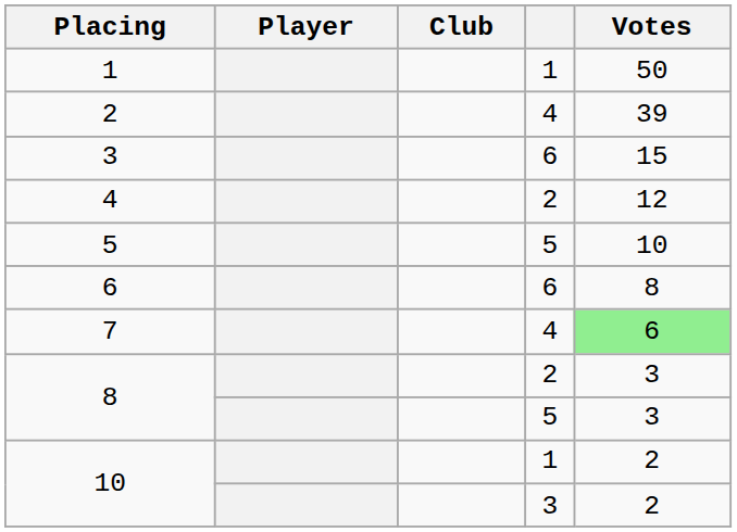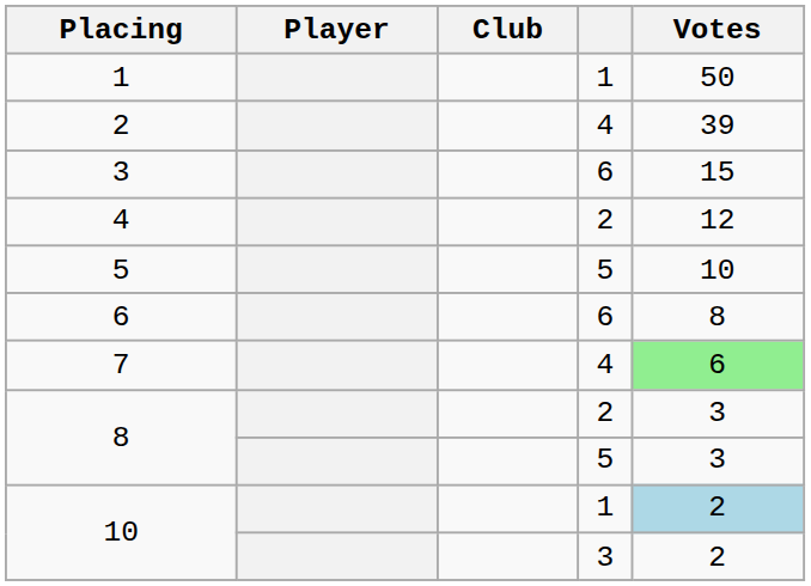 <table class="wikitable plainrowheaders sortable" style="text-align:center; width:40%">
 <tr>
 <th class=unsortable>Placing</th>
 <th>Player</th>
 <th>Club</th>
 <th></th>
 <th>Votes</th>
 </tr>
 <tr>
 <td>1</td>
 <th scope=row></th>
 <td align=left></td>
 <td>1</td>
 <td>50</td>
 </tr>
 <tr>
 <td>2</td>
 <th scope=row></th>
 <td align=left></td>
 <td>4</td>
 <td>39</td>
 </tr>
 <tr>
 <td>3</td>
 <th scope=row></th>
 <td align=left></td>
 <td>6</td>
 <td>15</td>
 </tr>
 <tr>
 <td>4</td>
 <th scope=row></th>
 <td align=left></td>
 <td>2</td>
 <td>12</td>
 </tr>
 <tr>
 <td>5</td>
 <th scope=row></th>
 <td align=left></td>
 <td>5</td>
 <td>10</td>
 </tr>
 <tr>
 <td>6</td>
 <th scope=row></th>
 <td align=left></td>
 <td>6</td>
 <td>8</td>
 </tr>
 <tr>
 <td>7</td>
 <th scope=row></th>
 <td align=left></td>
 <td>4</td>
 <td style="background: lightgreen;">6</td>
 </tr>
 <tr>
 <td rowspan=2>8</td>
 <th scope=row></th>
 <td align=left></td>
 <td>2</td>
 <td>3</td>
 </tr>
 <tr>
 <th scope=row></th>
 <td align=left></td>
 <td>5</td>
 <td>3</td>
 </tr>
 <tr>
 <td rowspan=2>10</td>
 <th scope=row></th>
 <td align=left></td>
 <td>1</td>
-<td>2</td>
+<td style="background: lightblue;">2</td>
 </tr>
 <tr>
 <th scope=row></th>
 <td align=left></td>
 <td>3</td>
 <td>2</td>
 </tr>
 </table>
